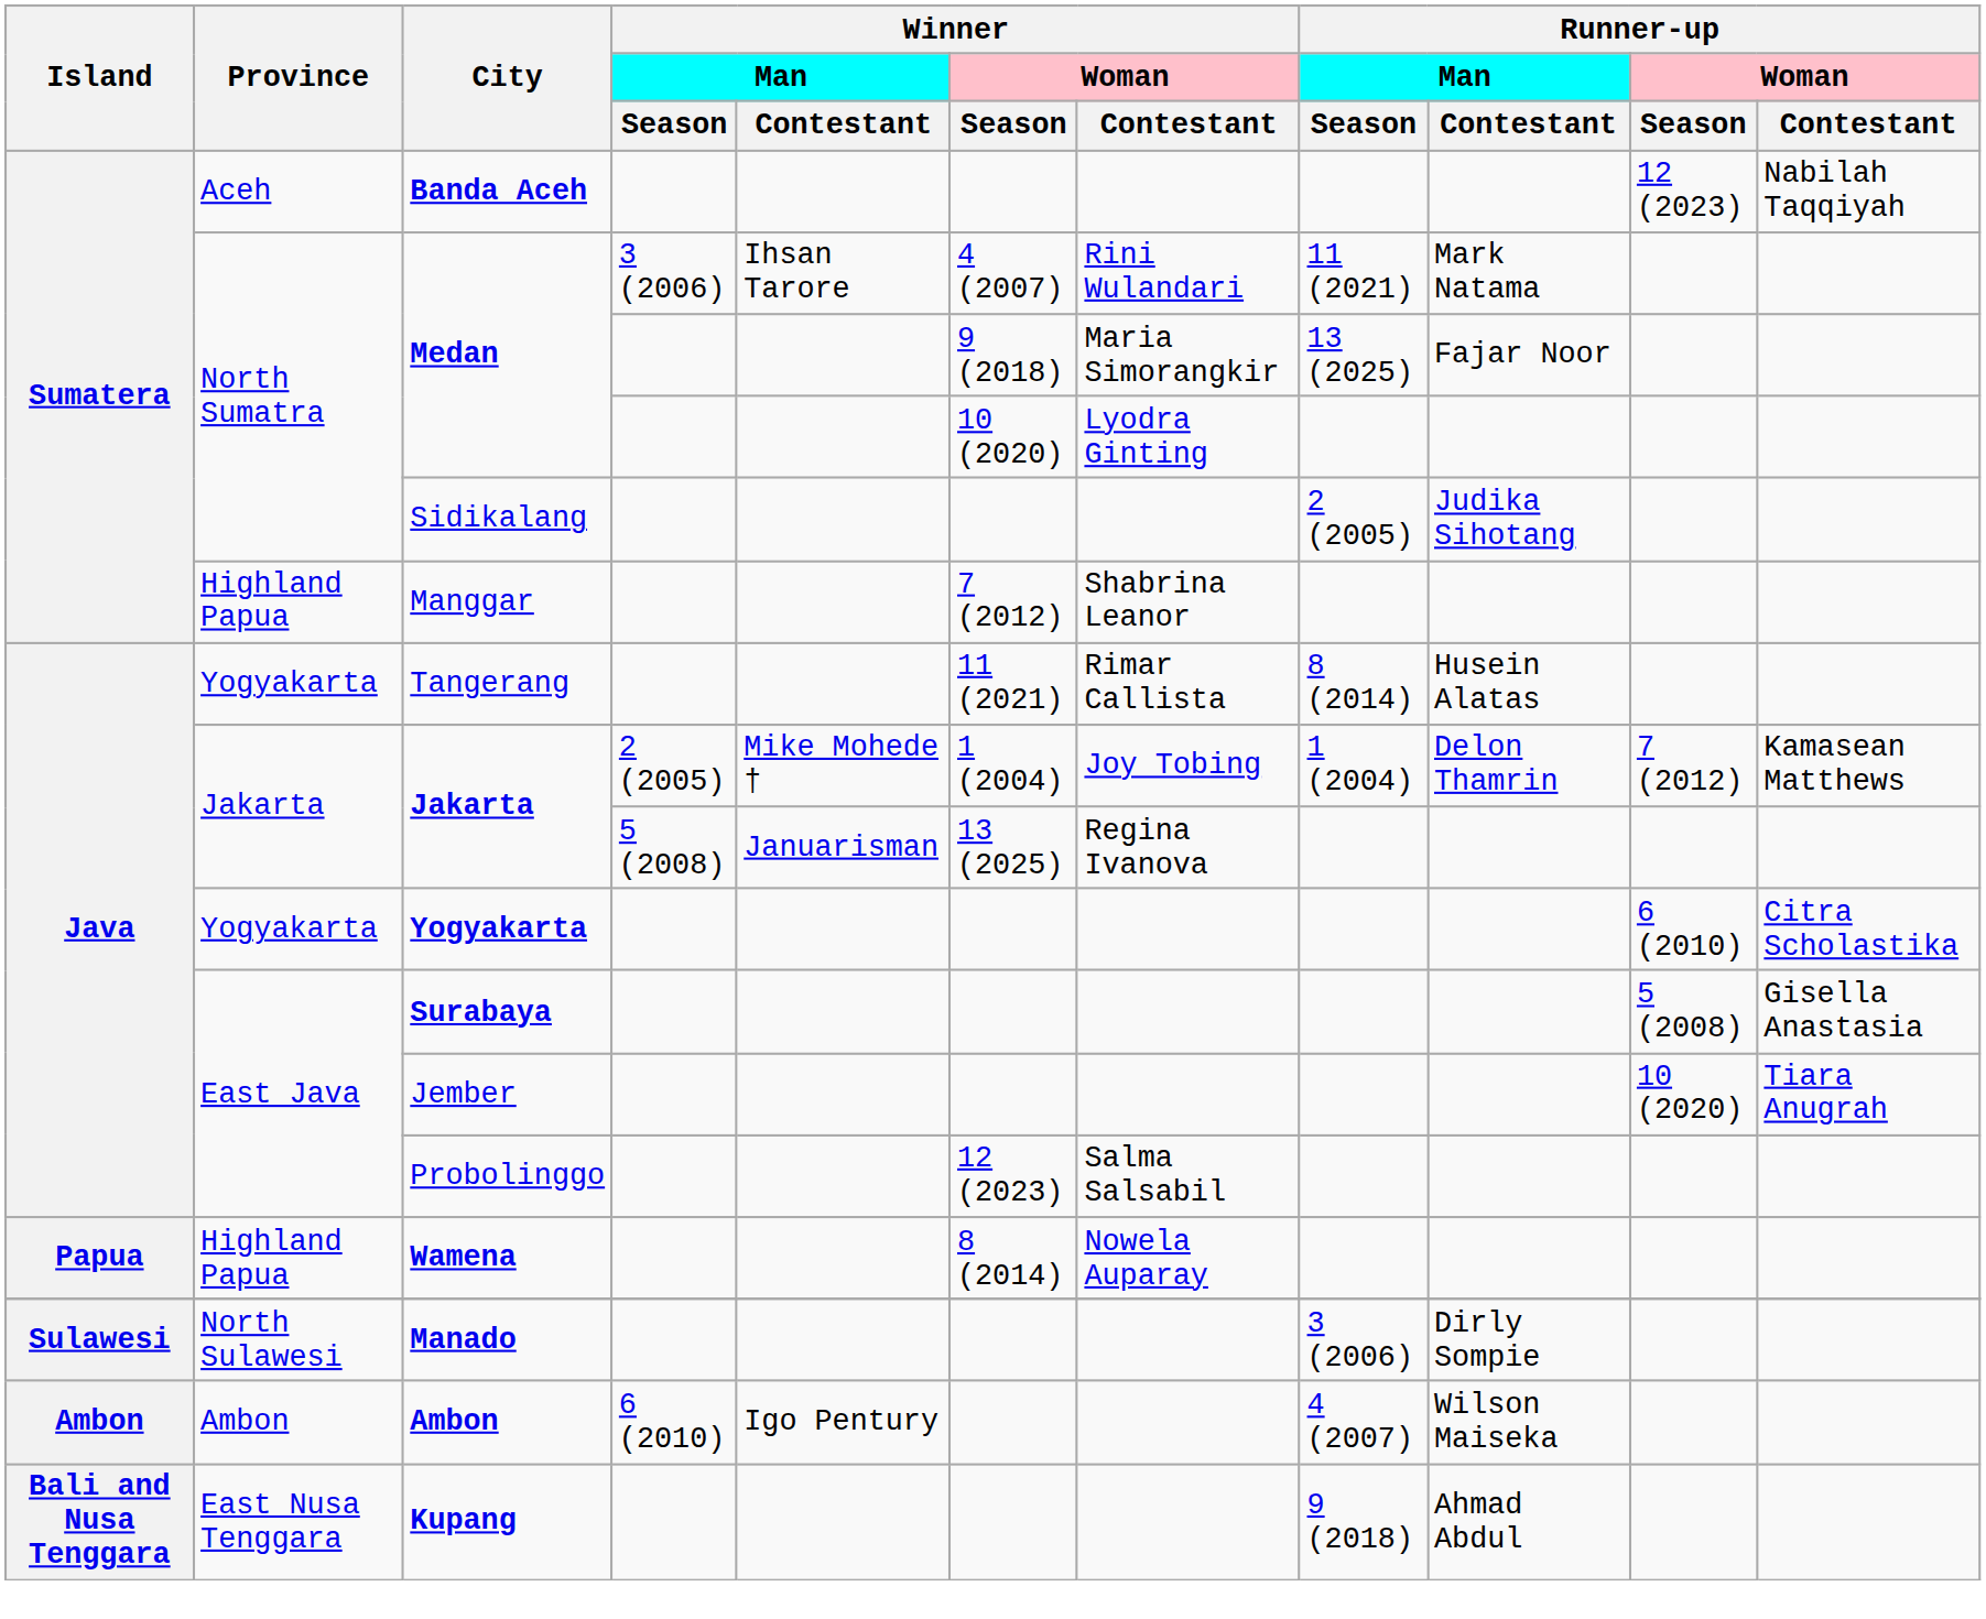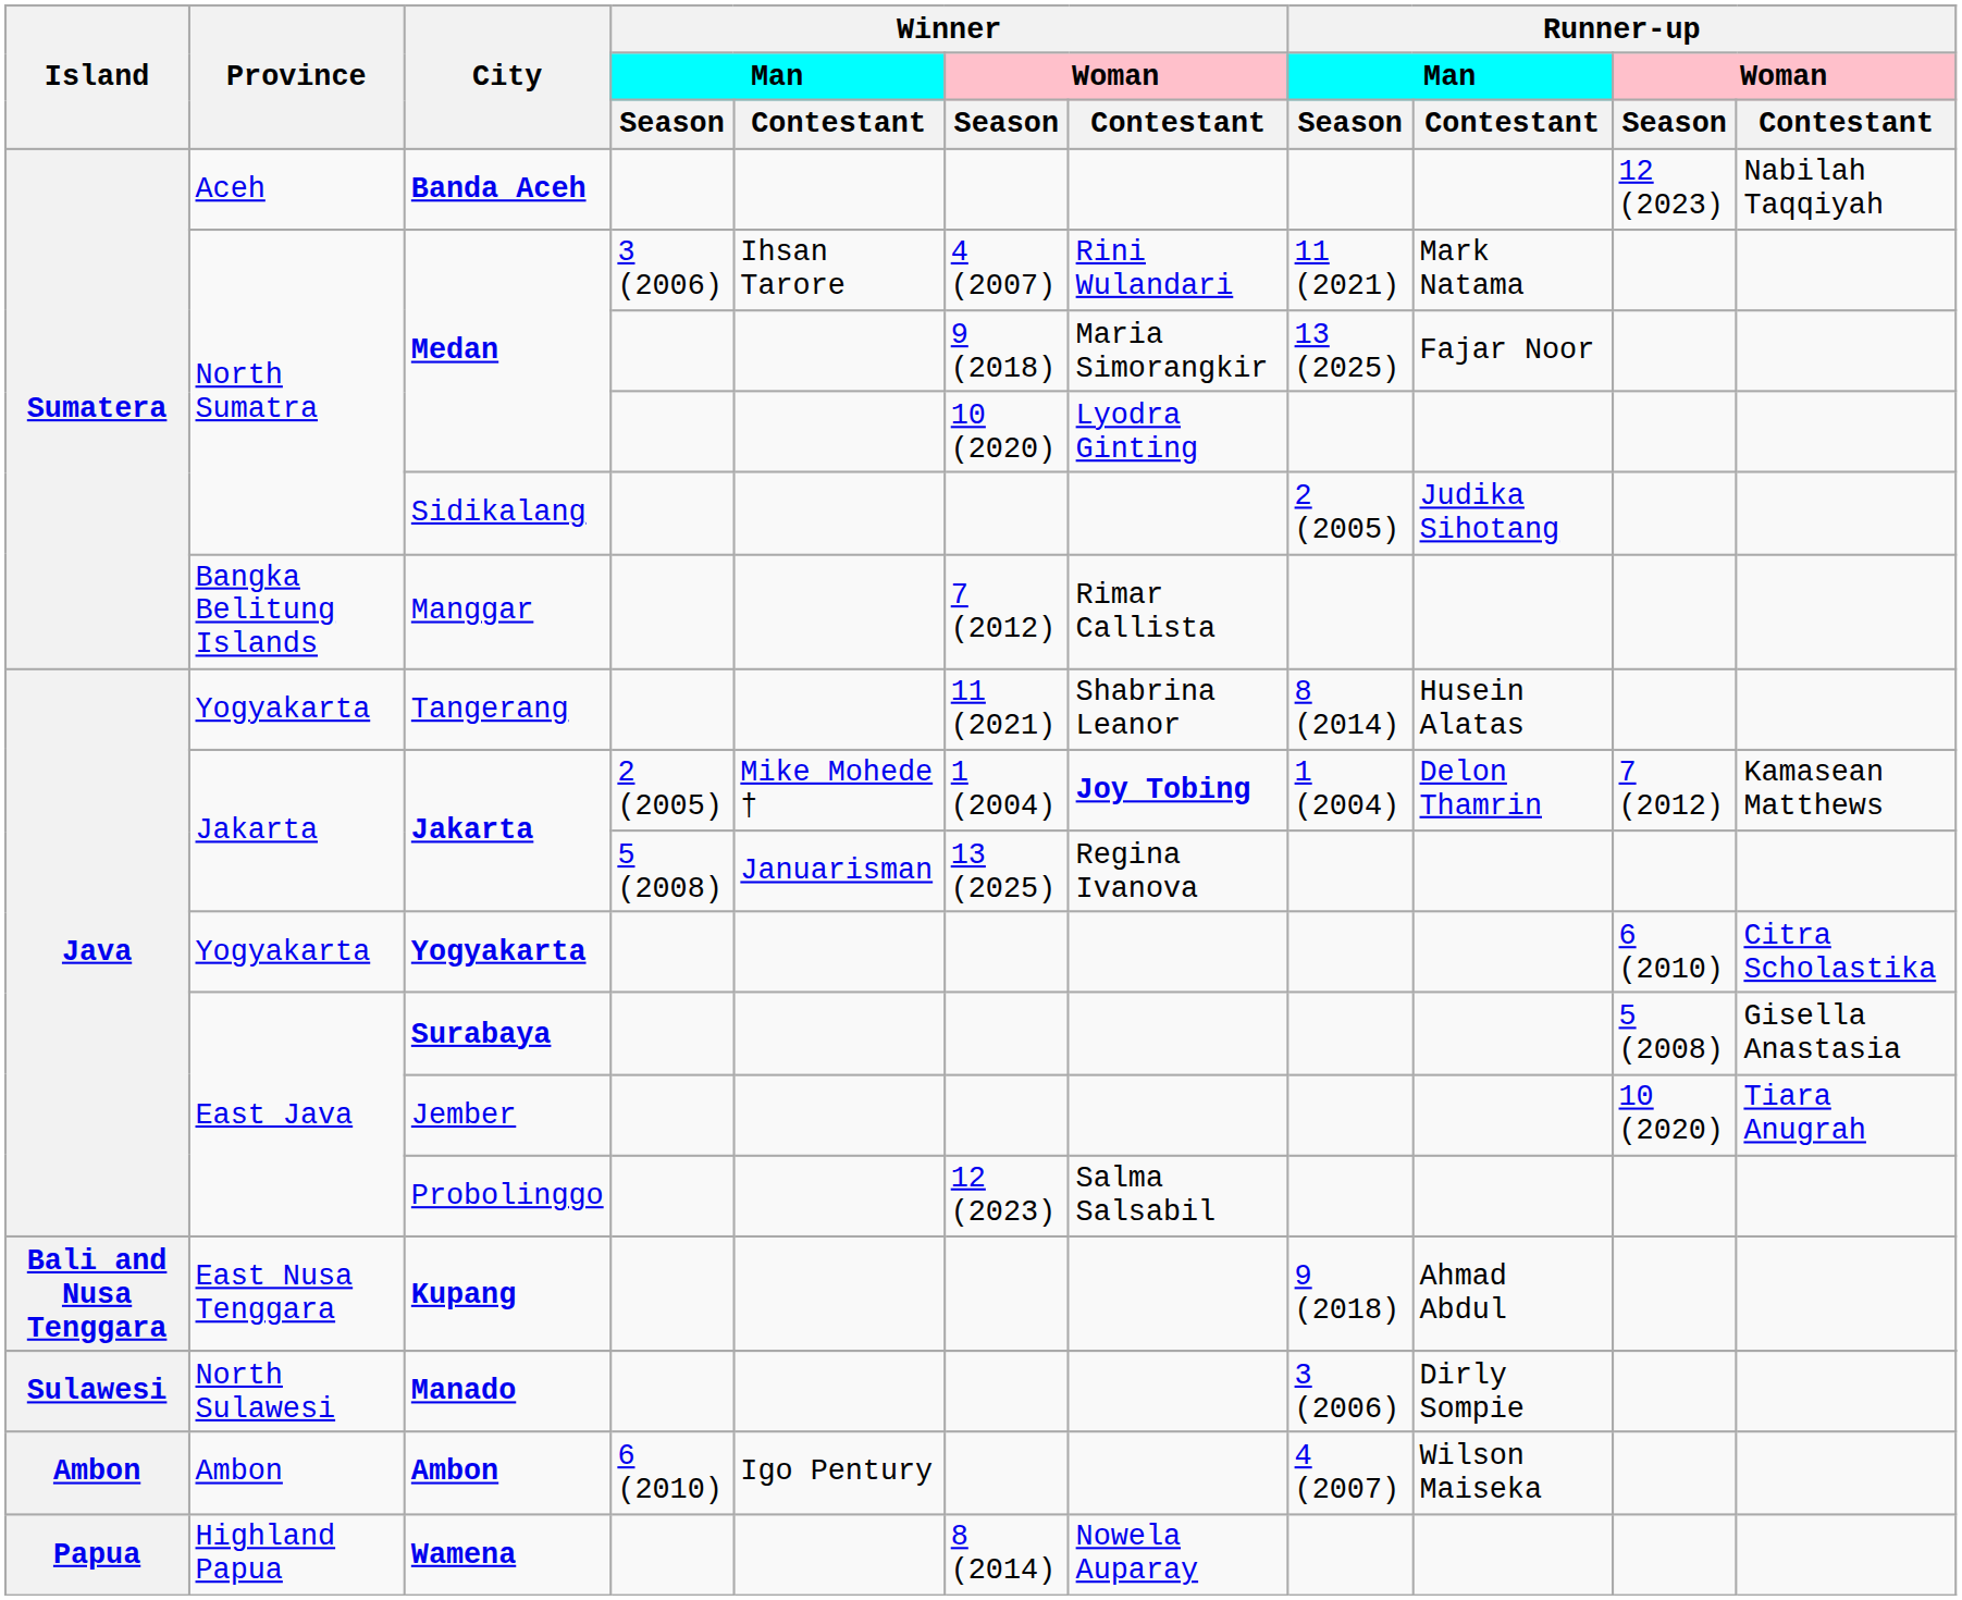 <table class="wikitable ">
 <tr>
 <th rowspan="3">Island</th>
 <th rowspan="3">Province</th>
 <th rowspan="3">City</th>
 <th colspan="4">Winner</th>
 <th colspan="4">Runner-up</th>
 </tr>
 <tr>
 <th colspan="2" style="background:cyan">Man</th>
 <th colspan="2" style="background:pink">Woman</th>
 <th colspan="2" style="background:cyan">Man</th>
 <th colspan="2" style="background:pink">Woman</th>
 </tr>
 <tr>
 <th>Season</th>
 <th>Contestant</th>
 <th>Season</th>
 <th>Contestant</th>
 <th>Season</th>
 <th>Contestant</th>
 <th>Season</th>
 <th>Contestant</th>
 </tr>
 <tr>
 <th rowspan="6"><a href='#'>Sumatera</a></th>
 <td><a href='#'>Aceh</a></td>
 <td><a href='#'><strong>Banda Aceh</strong></a></td>
 <td></td>
 <td></td>
 <td></td>
 <td></td>
 <td></td>
 <td></td>
 <td><a href='#'>12</a> (2023)</td>
 <td>Nabilah Taqqiyah</td>
 </tr>
 <tr>
 <td rowspan="4"><a href='#'>North Sumatra</a></td>
 <td rowspan="3"><strong><a href='#'>Medan</a></strong></td>
 <td><a href='#'>3</a> (2006)</td>
 <td>Ihsan Tarore</td>
 <td><a href='#'>4</a> (2007)</td>
 <td><a href='#'>Rini Wulandari</a></td>
 <td><a href='#'>11</a> (2021)</td>
 <td>Mark Natama</td>
 <td></td>
 <td></td>
 </tr>
 <tr>
 <td></td>
 <td></td>
 <td><a href='#'>9</a> (2018)</td>
 <td>Maria Simorangkir</td>
 <td><a href='#'>13</a> (2025)</td>
 <td>Fajar Noor</td>
 <td></td>
 <td></td>
 </tr>
 <tr>
 <td></td>
 <td></td>
 <td><a href='#'>10</a> (2020)</td>
 <td><a href='#'>Lyodra Ginting</a></td>
 <td></td>
 <td></td>
 <td></td>
 <td></td>
 </tr>
 <tr>
 <td><a href='#'>Sidikalang</a></td>
 <td></td>
 <td></td>
 <td></td>
 <td></td>
 <td><a href='#'>2</a> (2005)</td>
 <td><a href='#'>Judika Sihotang</a></td>
 <td></td>
 <td></td>
 </tr>
 <tr>
-<td><a href='#'>Highland Papua</a></td>
+<td><a href='#'>Bangka Belitung Islands</a></td>
 <td><a href='#'>Manggar</a></td>
 <td></td>
 <td></td>
 <td><a href='#'>7</a> (2012)</td>
-<td>Shabrina Leanor</td>
+<td>Rimar Callista</td>
 <td></td>
 <td></td>
 <td></td>
 <td></td>
 </tr>
 <tr>
 <th rowspan="7"><a href='#'>Java</a></th>
 <td><a href='#'>Yogyakarta</a></td>
 <td><a href='#'>Tangerang</a></td>
 <td></td>
 <td></td>
 <td><a href='#'>11</a> (2021)</td>
-<td>Rimar Callista</td>
+<td>Shabrina Leanor</td>
 <td><a href='#'>8</a> (2014)</td>
 <td>Husein Alatas</td>
 <td></td>
 <td></td>
 </tr>
 <tr>
 <td rowspan="2"><a href='#'>Jakarta</a></td>
 <td rowspan="2"><strong><a href='#'>Jakarta</a></strong></td>
 <td><a href='#'>2</a> (2005)</td>
 <td><a href='#'>Mike Mohede</a> †</td>
 <td><a href='#'>1</a> (2004)</td>
-<td><a href='#'>Joy Tobing</a></td>
+<td><strong><a href='#'>Joy Tobing</a></strong></td>
 <td><a href='#'>1</a> (2004)</td>
 <td><a href='#'>Delon Thamrin</a></td>
 <td><a href='#'>7</a> (2012)</td>
 <td>Kamasean Matthews</td>
 </tr>
 <tr>
 <td><a href='#'>5</a> (2008)</td>
 <td><a href='#'>Januarisman</a></td>
 <td><a href='#'>13</a> (2025)</td>
 <td>Regina Ivanova</td>
 <td></td>
 <td></td>
 <td></td>
 <td></td>
 </tr>
 <tr>
 <td><a href='#'>Yogyakarta</a></td>
 <td><strong><a href='#'>Yogyakarta</a></strong></td>
 <td></td>
 <td></td>
 <td></td>
 <td></td>
 <td></td>
 <td></td>
 <td><a href='#'>6</a> (2010)</td>
 <td><a href='#'>Citra Scholastika</a></td>
 </tr>
 <tr>
 <td rowspan="3"><a href='#'>East Java</a></td>
 <td><strong><a href='#'>Surabaya</a></strong></td>
 <td></td>
 <td></td>
 <td></td>
 <td></td>
 <td></td>
 <td></td>
 <td><a href='#'>5</a> (2008)</td>
 <td>Gisella Anastasia</td>
 </tr>
 <tr>
 <td><a href='#'>Jember</a></td>
 <td></td>
 <td></td>
 <td></td>
 <td></td>
 <td></td>
 <td></td>
 <td><a href='#'>10</a> (2020)</td>
 <td><a href='#'>Tiara Anugrah</a></td>
 </tr>
 <tr>
 <td><a href='#'>Probolinggo</a></td>
 <td></td>
 <td></td>
 <td><a href='#'>12</a> (2023)</td>
 <td>Salma Salsabil</td>
 <td></td>
 <td></td>
 <td></td>
 <td></td>
 </tr>
 <tr>
-<th><a href='#'>Papua</a></th>
-<td><a href='#'>Highland Papua</a></td>
-<td><strong><a href='#'>Wamena</a></strong></td>
+<th><a href='#'>Bali and Nusa Tenggara</a></th>
+<td><a href='#'>East Nusa Tenggara</a></td>
+<td><strong><a href='#'>Kupang</a></strong></td>
 <td></td>
 <td></td>
-<td><a href='#'>8</a> (2014)</td>
-<td><a href='#'>Nowela Auparay</a></td>
 <td></td>
 <td></td>
+<td><a href='#'>9</a> (2018)</td>
+<td>Ahmad Abdul</td>
 <td></td>
 <td></td>
 </tr>
 <tr>
 </tr>
 <tr>
 <th><a href='#'>Sulawesi</a></th>
 <td><a href='#'>North Sulawesi</a></td>
 <td><strong><a href='#'>Manado</a></strong></td>
 <td></td>
 <td></td>
 <td></td>
 <td></td>
 <td><a href='#'>3</a> (2006)</td>
 <td>Dirly Sompie</td>
 <td></td>
 <td></td>
 </tr>
 <tr>
 <th><a href='#'>Ambon</a></th>
 <td><a href='#'>Ambon</a></td>
 <td><a href='#'><strong>Ambon</strong></a></td>
 <td><a href='#'>6</a> (2010)</td>
 <td>Igo Pentury</td>
 <td></td>
 <td></td>
 <td><a href='#'>4</a> (2007)</td>
 <td>Wilson Maiseka</td>
 <td></td>
 <td></td>
 </tr>
 <tr>
-<th><a href='#'>Bali and Nusa Tenggara</a></th>
-<td><a href='#'>East Nusa Tenggara</a></td>
-<td><strong><a href='#'>Kupang</a></strong></td>
+<th><a href='#'>Papua</a></th>
+<td><a href='#'>Highland Papua</a></td>
+<td><strong><a href='#'>Wamena</a></strong></td>
+<td></td>
+<td></td>
+<td><a href='#'>8</a> (2014)</td>
+<td><a href='#'>Nowela Auparay</a></td>
 <td></td>
 <td></td>
 <td></td>
 <td></td>
-<td><a href='#'>9</a> (2018)</td>
-<td>Ahmad Abdul</td>
-<td></td>
-<td></td>
 </tr>
 </table>
